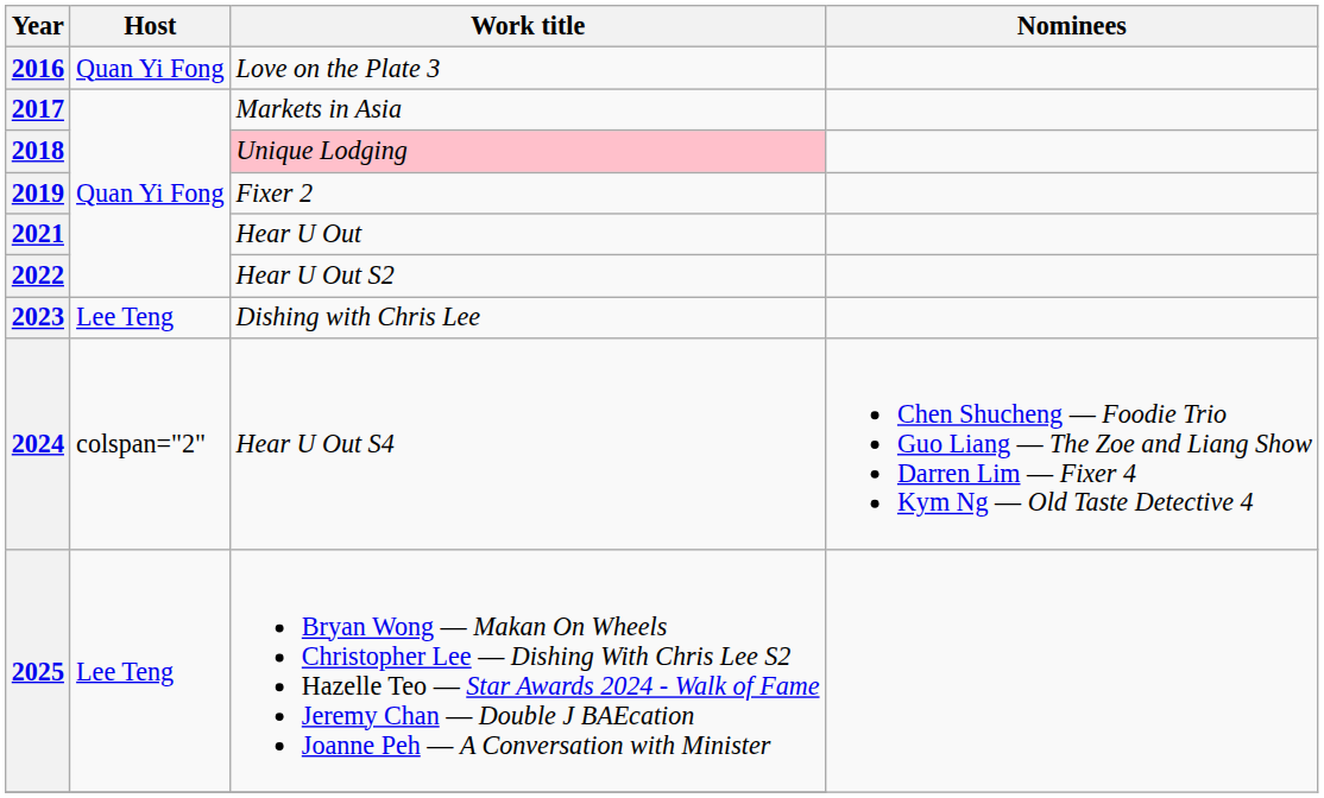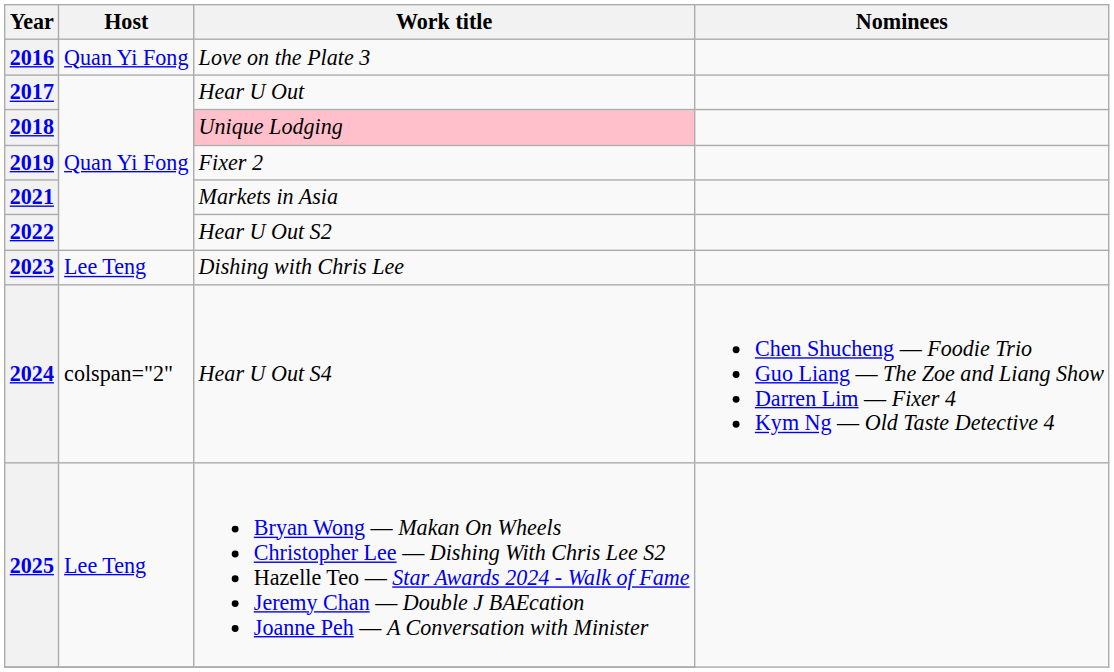 <table class="wikitable sortable">
 <tr>
 <th>Year</th>
 <th>Host</th>
 <th>Work title</th>
 <th>Nominees</th>
 </tr>
 <tr>
 <th scope="row"><a href='#'>2016</a></th>
 <td><a href='#'>Quan Yi Fong</a></td>
 <td><em>Love on the Plate 3</em></td>
 <td></td>
 </tr>
 <tr>
 <th scope="row"><a href='#'>2017</a></th>
 <td rowspan=5><a href='#'>Quan Yi Fong</a></td>
-<td><em>Markets in Asia</em></td>
+<td><em>Hear U Out</em></td>
 <td></td>
 </tr>
 <tr>
 <th scope="row"><a href='#'>2018</a></th>
 <td style="background: pink;"><em>Unique Lodging</em></td>
 <td></td>
 </tr>
 <tr>
 <th scope="row"><a href='#'>2019</a></th>
 <td><em>Fixer 2</em></td>
 <td></td>
 </tr>
 <tr>
 <th scope="row"><a href='#'>2021</a></th>
-<td><em>Hear U Out</em></td>
+<td><em>Markets in Asia</em></td>
 <td></td>
 </tr>
 <tr>
 <th scope="row"><a href='#'>2022</a></th>
 <td><em>Hear U Out S2</em></td>
 <td></td>
 </tr>
 <tr>
 <th scope="row"><a href='#'>2023</a></th>
 <td><a href='#'>Lee Teng</a></td>
 <td><em>Dishing with Chris Lee</em></td>
 <td></td>
 </tr>
 <tr>
 <th scope="row"><a href='#'>2024</a></th>
 <td>colspan="2" </td>
 <td><em>Hear U Out S4</em></td>
 <td {{smalldiv><br><ul><li><a href='#'>Chen Shucheng</a>  — <em>Foodie Trio</em></li><li><a href='#'>Guo Liang</a>  — <em>The Zoe and Liang Show</em></li><li><a href='#'>Darren Lim</a>  — <em>Fixer 4</em></li><li><a href='#'>Kym Ng</a>  — <em>Old Taste Detective 4 </em></li></ul></td>
 </tr>
 <tr>
 <th scope="row"><a href='#'>2025</a></th>
 <td><a href='#'>Lee Teng</a></td>
 <td {{smalldiv><br><ul><li><a href='#'>Bryan Wong</a>  — <em>Makan On Wheels</em></li><li><a href='#'>Christopher Lee</a>  — <em>Dishing With Chris Lee S2</em></li><li>Hazelle Teo  — <em><a href='#'>Star Awards 2024 - Walk of Fame</a></em></li><li><a href='#'>Jeremy Chan</a>  — <em>Double J BAEcation</em></li><li><a href='#'>Joanne Peh</a> — <em>A Conversation with Minister</em></li></ul></td>
 </tr>
 <tr>
 </tr>
 </table>
